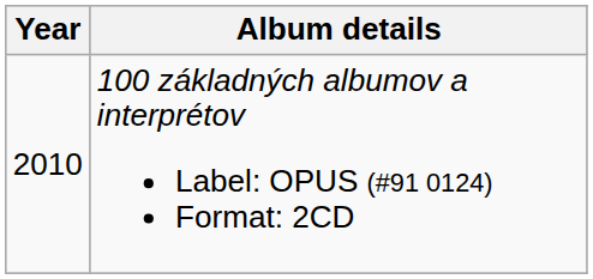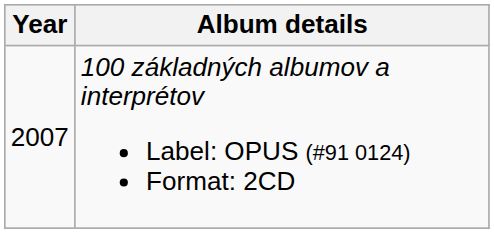 <table class="wikitable" style="text-align:center;">
 <tr>
 <th width="5">Year</th>
 <th width="247">Album details</th>
 </tr>
 <tr>
-<td>2010</td>
+<td>2007</td>
 <td align="left"><em>100 základných albumov a interprétov</em><br><ul><li>Label: OPUS <small>(#91 0124)</small></li><li>Format: 2CD</li></ul></td>
 </tr>
 </table>
